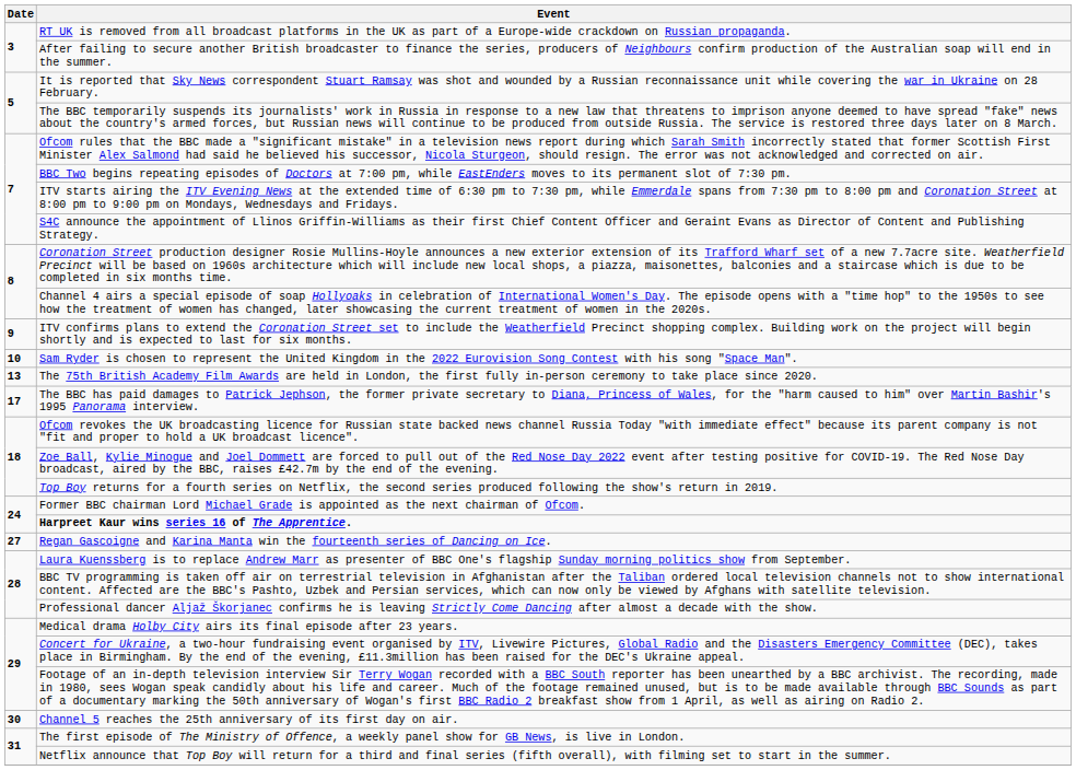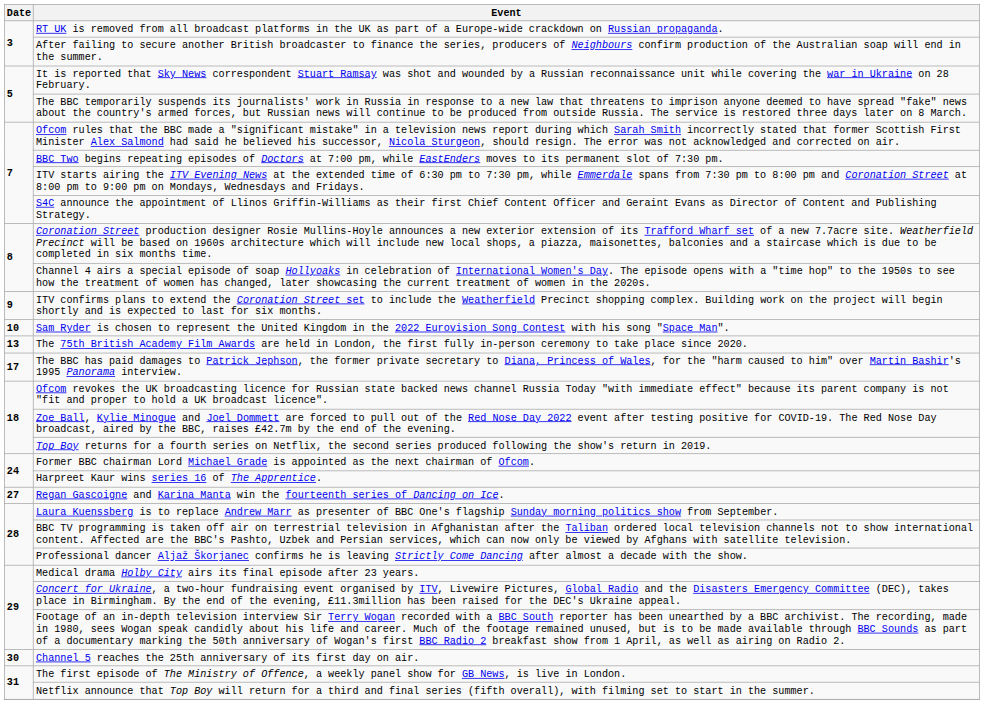 <table class="wikitable">
 <tr>
 <th>Date</th>
 <th>Event</th>
 </tr>
 <tr>
 <td rowspan=2><strong>3</strong></td>
 <td><a href='#'>RT UK</a> is removed from all broadcast platforms in the UK as part of a Europe-wide crackdown on <a href='#'>Russian propaganda</a>.</td>
 </tr>
 <tr>
 <td>After failing to secure another British broadcaster to finance the series, producers of <em><a href='#'>Neighbours</a></em> confirm production of the Australian soap will end in the summer.</td>
 </tr>
 <tr>
 <td rowspan=2><strong>5</strong></td>
 <td>It is reported that <a href='#'>Sky News</a> correspondent <a href='#'>Stuart Ramsay</a> was shot and wounded by a Russian reconnaissance unit while covering the <a href='#'>war in Ukraine</a> on 28 February.</td>
 </tr>
 <tr>
 <td>The BBC temporarily suspends its journalists' work in Russia in response to a new law that threatens to imprison anyone deemed to have spread "fake" news about the country's armed forces, but Russian news will continue to be produced from outside Russia. The service is restored three days later on 8 March.</td>
 </tr>
 <tr>
 <td rowspan=4><strong>7</strong></td>
 <td><a href='#'>Ofcom</a> rules that the BBC made a "significant mistake" in a television news report during which <a href='#'>Sarah Smith</a> incorrectly stated that former Scottish First Minister <a href='#'>Alex Salmond</a> had said he believed his successor, <a href='#'>Nicola Sturgeon</a>, should resign. The error was not acknowledged and corrected on air.</td>
 </tr>
 <tr>
 <td><a href='#'>BBC Two</a> begins repeating episodes of <em><a href='#'>Doctors</a></em> at 7:00 pm, while <em><a href='#'>EastEnders</a></em> moves to its permanent slot of 7:30 pm.</td>
 </tr>
 <tr>
 <td>ITV starts airing the <em><a href='#'>ITV Evening News</a></em> at the extended time of 6:30 pm to 7:30 pm, while <em><a href='#'>Emmerdale</a></em> spans from 7:30 pm to 8:00 pm and <em><a href='#'>Coronation Street</a></em> at 8:00 pm to 9:00 pm on Mondays, Wednesdays and Fridays.</td>
 </tr>
 <tr>
 <td><a href='#'>S4C</a> announce the appointment of Llinos Griffin-Williams as their first Chief Content Officer and Geraint Evans as Director of Content and Publishing Strategy.</td>
 </tr>
 <tr>
 <td rowspan=2><strong>8</strong></td>
 <td><em><a href='#'>Coronation Street</a></em> production designer Rosie Mullins-Hoyle announces a new exterior extension of its <a href='#'>Trafford Wharf set</a> of a new 7.7acre site. <em>Weatherfield Precinct</em> will be based on 1960s architecture which will include new local shops, a piazza, maisonettes, balconies and a staircase which is due to be completed in six months time.</td>
 </tr>
 <tr>
 <td>Channel 4 airs a special episode of soap <em><a href='#'>Hollyoaks</a></em> in celebration of <a href='#'>International Women's Day</a>. The episode opens with a "time hop" to the 1950s to see how the treatment of women has changed, later showcasing the current treatment of women in the 2020s.</td>
 </tr>
 <tr>
 <td><strong>9</strong></td>
 <td>ITV confirms plans to extend the <a href='#'><em>Coronation Street</em> set</a> to include the <a href='#'>Weatherfield</a> Precinct shopping complex. Building work on the project will begin shortly and is expected to last for six months.</td>
 </tr>
 <tr>
 <td><strong>10</strong></td>
 <td><a href='#'>Sam Ryder</a> is chosen to represent the United Kingdom in the <a href='#'>2022 Eurovision Song Contest</a> with his song "<a href='#'>Space Man</a>".</td>
 </tr>
 <tr>
 <td><strong>13</strong></td>
 <td>The <a href='#'>75th British Academy Film Awards</a> are held in London, the first fully in-person ceremony to take place since 2020.</td>
 </tr>
 <tr>
 <td><strong>17</strong></td>
 <td>The BBC has paid damages to <a href='#'>Patrick Jephson</a>, the former private secretary to <a href='#'>Diana, Princess of Wales</a>, for the "harm caused to him" over <a href='#'>Martin Bashir</a>'s 1995 <em><a href='#'>Panorama</a></em> interview.</td>
 </tr>
 <tr>
 <td rowspan=3><strong>18</strong></td>
 <td><a href='#'>Ofcom</a> revokes the UK broadcasting licence for Russian state backed news channel Russia Today "with immediate effect" because its parent company is not "fit and proper to hold a UK broadcast licence".</td>
 </tr>
 <tr>
 <td><a href='#'>Zoe Ball</a>, <a href='#'>Kylie Minogue</a> and <a href='#'>Joel Dommett</a> are forced to pull out of the <a href='#'>Red Nose Day 2022</a> event after testing positive for COVID-19. The Red Nose Day broadcast, aired by the BBC, raises £42.7m by the end of the evening.</td>
 </tr>
 <tr>
 <td><em><a href='#'>Top Boy</a></em> returns for a fourth series on Netflix, the second series produced following the show's return in 2019.</td>
 </tr>
 <tr>
 <td rowspan=2><strong>24</strong></td>
 <td>Former BBC chairman Lord <a href='#'>Michael Grade</a> is appointed as the next chairman of <a href='#'>Ofcom</a>.</td>
 </tr>
 <tr>
-<td><strong>Harpreet Kaur wins <a href='#'>series 16</a> of <em><a href='#'>The Apprentice</a></em>.</strong></td>
+<td>Harpreet Kaur wins <a href='#'>series 16</a> of <em><a href='#'>The Apprentice</a></em>.</td>
 </tr>
 <tr>
 <td><strong>27</strong></td>
 <td><a href='#'>Regan Gascoigne</a> and <a href='#'>Karina Manta</a> win the <a href='#'>fourteenth series of <em>Dancing on Ice</em></a>.</td>
 </tr>
 <tr>
 <td rowspan=3><strong>28</strong></td>
 <td><a href='#'>Laura Kuenssberg</a> is to replace <a href='#'>Andrew Marr</a> as presenter of BBC One's flagship <a href='#'>Sunday morning politics show</a> from September.</td>
 </tr>
 <tr>
 <td>BBC TV programming is taken off air on terrestrial television in Afghanistan after the <a href='#'>Taliban</a> ordered local television channels not to show international content. Affected are the BBC's Pashto, Uzbek and Persian services, which can now only be viewed by Afghans with satellite television.</td>
 </tr>
 <tr>
 <td>Professional dancer <a href='#'>Aljaž Škorjanec</a> confirms he is leaving <em><a href='#'>Strictly Come Dancing</a></em> after almost a decade with the show.</td>
 </tr>
 <tr>
 <td rowspan=3><strong>29</strong></td>
 <td>Medical drama <em><a href='#'>Holby City</a></em> airs its final episode after 23 years.</td>
 </tr>
 <tr>
 <td><em><a href='#'>Concert for Ukraine</a></em>, a two-hour fundraising event organised by <a href='#'>ITV</a>, Livewire Pictures, <a href='#'>Global Radio</a> and the <a href='#'>Disasters Emergency Committee</a> (DEC), takes place in Birmingham. By the end of the evening, £11.3million has been raised for the DEC's Ukraine appeal.</td>
 </tr>
 <tr>
 <td>Footage of an in-depth television interview Sir <a href='#'>Terry Wogan</a> recorded with a <a href='#'>BBC South</a> reporter has been unearthed by a BBC archivist. The recording, made in 1980, sees Wogan speak candidly about his life and career. Much of the footage remained unused, but is to be made available through <a href='#'>BBC Sounds</a> as part of a documentary marking the 50th anniversary of Wogan's first <a href='#'>BBC Radio 2</a> breakfast show from 1 April, as well as airing on Radio 2.</td>
 </tr>
 <tr>
 <td><strong>30</strong></td>
 <td><a href='#'>Channel 5</a> reaches the 25th anniversary of its first day on air.</td>
 </tr>
 <tr>
 <td rowspan=2><strong>31</strong></td>
 <td>The first episode of <em>The Ministry of Offence</em>, a weekly panel show for <a href='#'>GB News</a>, is live in London.</td>
 </tr>
 <tr>
 <td>Netflix announce that <em>Top Boy</em> will return for a third and final series (fifth overall), with filming set to start in the summer.</td>
 </tr>
 <tr>
 </tr>
 </table>
